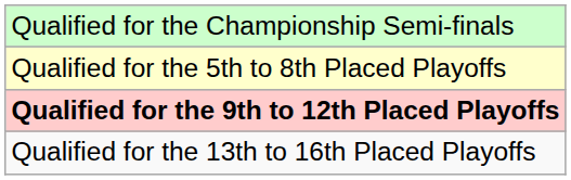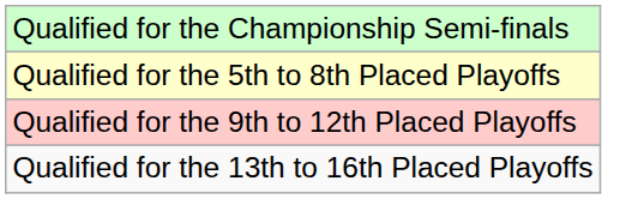 <table class="wikitable">
 <tr>
 <td bgcolor="#ccffcc">Qualified for the Championship Semi-finals</td>
 </tr>
 <tr>
 <td bgcolor="#ffffcc">Qualified for the 5th to 8th Placed Playoffs</td>
 </tr>
 <tr>
-<td bgcolor="#ffcccc"><strong>Qualified for the 9th to 12th Placed Playoffs</strong></td>
+<td bgcolor="#ffcccc">Qualified for the 9th to 12th Placed Playoffs</td>
 </tr>
 <tr>
 <td bgcolor="">Qualified for the 13th to 16th Placed Playoffs</td>
 </tr>
 </table>
